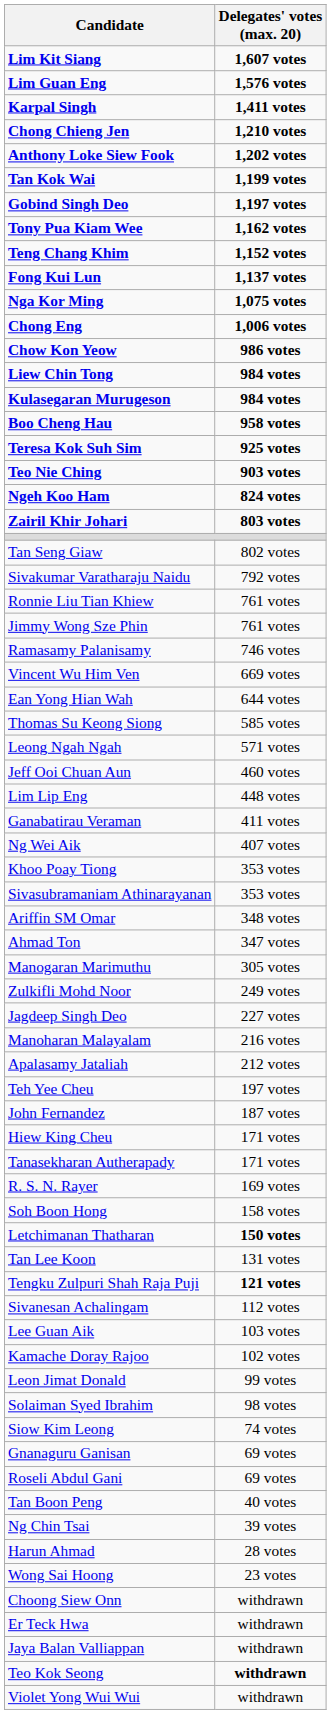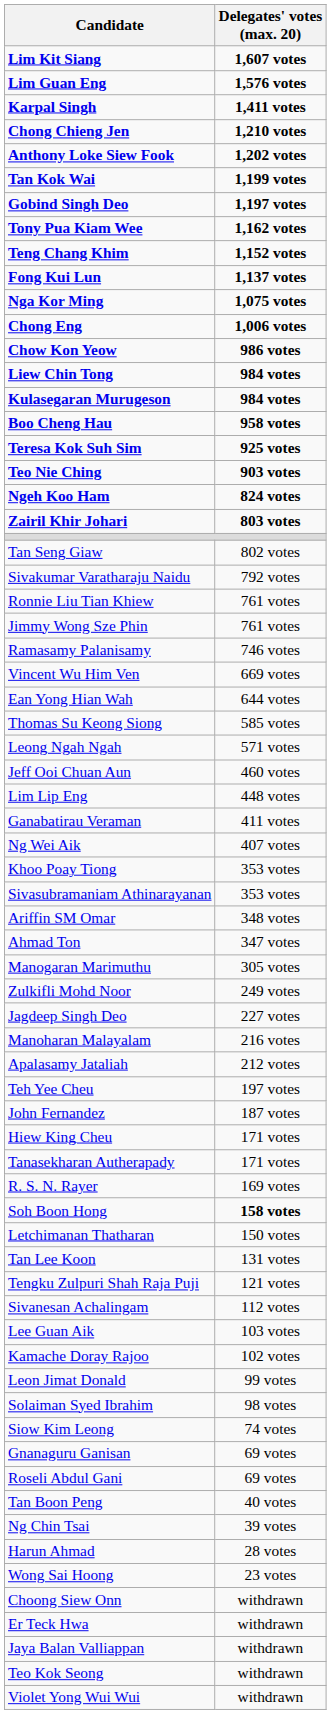 <table class=wikitable style=text-align:center>
 <tr>
 <th>Candidate</th>
 <th>Delegates' votes<br>(max. 20)</th>
 </tr>
 <tr>
 <td align=left><strong><a href='#'>Lim Kit Siang</a></strong></td>
 <td><strong>1,607 votes</strong></td>
 </tr>
 <tr>
 <td align=left><strong><a href='#'>Lim Guan Eng</a></strong></td>
 <td><strong>1,576 votes</strong></td>
 </tr>
 <tr>
 <td align=left><strong><a href='#'>Karpal Singh</a></strong></td>
 <td><strong>1,411 votes</strong></td>
 </tr>
 <tr>
 <td align=left><strong><a href='#'>Chong Chieng Jen</a></strong></td>
 <td><strong>1,210 votes</strong></td>
 </tr>
 <tr>
 <td align=left><strong><a href='#'>Anthony Loke Siew Fook</a></strong></td>
 <td><strong>1,202 votes</strong></td>
 </tr>
 <tr>
 <td align=left><strong><a href='#'>Tan Kok Wai</a></strong></td>
 <td><strong>1,199 votes</strong></td>
 </tr>
 <tr>
 <td align=left><strong><a href='#'>Gobind Singh Deo</a></strong></td>
 <td><strong>1,197 votes</strong></td>
 </tr>
 <tr>
 <td align=left><strong><a href='#'>Tony Pua Kiam Wee</a></strong></td>
 <td><strong>1,162 votes</strong></td>
 </tr>
 <tr>
 <td align=left><strong><a href='#'>Teng Chang Khim</a></strong></td>
 <td><strong>1,152 votes</strong></td>
 </tr>
 <tr>
 <td align=left><strong><a href='#'>Fong Kui Lun</a></strong></td>
 <td><strong>1,137 votes</strong></td>
 </tr>
 <tr>
 <td align=left><strong><a href='#'>Nga Kor Ming</a></strong></td>
 <td><strong>1,075 votes</strong></td>
 </tr>
 <tr>
 <td align=left><strong><a href='#'>Chong Eng</a></strong></td>
 <td><strong>1,006 votes</strong></td>
 </tr>
 <tr>
 <td align=left><strong><a href='#'>Chow Kon Yeow</a></strong></td>
 <td><strong>986 votes</strong></td>
 </tr>
 <tr>
 <td align=left><strong><a href='#'>Liew Chin Tong</a></strong></td>
 <td><strong>984 votes</strong></td>
 </tr>
 <tr>
 <td align=left><strong><a href='#'>Kulasegaran Murugeson</a></strong></td>
 <td><strong>984 votes</strong></td>
 </tr>
 <tr>
 <td align=left><strong><a href='#'>Boo Cheng Hau</a></strong></td>
 <td><strong>958 votes</strong></td>
 </tr>
 <tr>
 <td align=left><strong><a href='#'>Teresa Kok Suh Sim</a></strong></td>
 <td><strong>925 votes</strong></td>
 </tr>
 <tr>
 <td align=left><strong><a href='#'>Teo Nie Ching</a></strong></td>
 <td><strong>903 votes</strong></td>
 </tr>
 <tr>
 <td align=left><strong><a href='#'>Ngeh Koo Ham</a></strong></td>
 <td><strong>824 votes</strong></td>
 </tr>
 <tr>
 <td align=left><strong><a href='#'>Zairil Khir Johari</a></strong></td>
 <td><strong>803 votes</strong></td>
 </tr>
 <tr>
 <td colspan=3 bgcolor=dcdcdc></td>
 </tr>
 <tr>
 <td align=left><a href='#'>Tan Seng Giaw</a></td>
 <td>802 votes</td>
 </tr>
 <tr>
 <td align=left><a href='#'>Sivakumar Varatharaju Naidu</a></td>
 <td>792 votes</td>
 </tr>
 <tr>
 <td align=left><a href='#'>Ronnie Liu Tian Khiew</a></td>
 <td>761 votes</td>
 </tr>
 <tr>
 <td align=left><a href='#'>Jimmy Wong Sze Phin</a></td>
 <td>761 votes</td>
 </tr>
 <tr>
 <td align=left><a href='#'>Ramasamy Palanisamy</a></td>
 <td>746 votes</td>
 </tr>
 <tr>
 <td align=left><a href='#'>Vincent Wu Him Ven</a></td>
 <td>669 votes</td>
 </tr>
 <tr>
 <td align=left><a href='#'>Ean Yong Hian Wah</a></td>
 <td>644 votes</td>
 </tr>
 <tr>
 <td align=left><a href='#'>Thomas Su Keong Siong</a></td>
 <td>585 votes</td>
 </tr>
 <tr>
 <td align=left><a href='#'>Leong Ngah Ngah</a></td>
 <td>571 votes</td>
 </tr>
 <tr>
 <td align=left><a href='#'>Jeff Ooi Chuan Aun</a></td>
 <td>460 votes</td>
 </tr>
 <tr>
 <td align=left><a href='#'>Lim Lip Eng</a></td>
 <td>448 votes</td>
 </tr>
 <tr>
 <td align=left><a href='#'>Ganabatirau Veraman</a></td>
 <td>411 votes</td>
 </tr>
 <tr>
 <td align=left><a href='#'>Ng Wei Aik</a></td>
 <td>407 votes</td>
 </tr>
 <tr>
 <td align=left><a href='#'>Khoo Poay Tiong</a></td>
 <td>353 votes</td>
 </tr>
 <tr>
 <td align=left><a href='#'>Sivasubramaniam Athinarayanan</a></td>
 <td>353 votes</td>
 </tr>
 <tr>
 <td align=left><a href='#'>Ariffin SM Omar</a></td>
 <td>348 votes</td>
 </tr>
 <tr>
 <td align=left><a href='#'>Ahmad Ton</a></td>
 <td>347 votes</td>
 </tr>
 <tr>
 <td align=left><a href='#'>Manogaran Marimuthu</a></td>
 <td>305 votes</td>
 </tr>
 <tr>
 <td align=left><a href='#'>Zulkifli Mohd Noor</a></td>
 <td>249 votes</td>
 </tr>
 <tr>
 <td align=left><a href='#'>Jagdeep Singh Deo</a></td>
 <td>227 votes</td>
 </tr>
 <tr>
 <td align=left><a href='#'>Manoharan Malayalam</a></td>
 <td>216 votes</td>
 </tr>
 <tr>
 <td align=left><a href='#'>Apalasamy Jataliah</a></td>
 <td>212 votes</td>
 </tr>
 <tr>
 <td align=left><a href='#'>Teh Yee Cheu</a></td>
 <td>197 votes</td>
 </tr>
 <tr>
 <td align=left><a href='#'>John Fernandez</a></td>
 <td>187 votes</td>
 </tr>
 <tr>
 <td align=left><a href='#'>Hiew King Cheu</a></td>
 <td>171 votes</td>
 </tr>
 <tr>
 <td align=left><a href='#'>Tanasekharan Autherapady</a></td>
 <td>171 votes</td>
 </tr>
 <tr>
 <td align=left><a href='#'>R. S. N. Rayer</a></td>
 <td>169 votes</td>
 </tr>
 <tr>
 <td align=left><a href='#'>Soh Boon Hong</a></td>
-<td>158 votes</td>
+<td><strong>158 votes</strong></td>
 </tr>
 <tr>
 <td align=left><a href='#'>Letchimanan Thatharan</a></td>
-<td><strong>150 votes</strong></td>
+<td>150 votes</td>
 </tr>
 <tr>
 <td align=left><a href='#'>Tan Lee Koon</a></td>
 <td>131 votes</td>
 </tr>
 <tr>
 <td align=left><a href='#'>Tengku Zulpuri Shah Raja Puji</a></td>
-<td><strong>121 votes</strong></td>
+<td>121 votes</td>
 </tr>
 <tr>
 <td align=left><a href='#'>Sivanesan Achalingam</a></td>
 <td>112 votes</td>
 </tr>
 <tr>
 <td align=left><a href='#'>Lee Guan Aik</a></td>
 <td>103 votes</td>
 </tr>
 <tr>
 <td align=left><a href='#'>Kamache Doray Rajoo</a></td>
 <td>102 votes</td>
 </tr>
 <tr>
 <td align=left><a href='#'>Leon Jimat Donald</a></td>
 <td>99 votes</td>
 </tr>
 <tr>
 <td align=left><a href='#'>Solaiman Syed Ibrahim</a></td>
 <td>98 votes</td>
 </tr>
 <tr>
 <td align=left><a href='#'>Siow Kim Leong</a></td>
 <td>74 votes</td>
 </tr>
 <tr>
 <td align=left><a href='#'>Gnanaguru Ganisan</a></td>
 <td>69 votes</td>
 </tr>
 <tr>
 <td align=left><a href='#'>Roseli Abdul Gani</a></td>
 <td>69 votes</td>
 </tr>
 <tr>
 <td align=left><a href='#'>Tan Boon Peng</a></td>
 <td>40 votes</td>
 </tr>
 <tr>
 <td align=left><a href='#'>Ng Chin Tsai</a></td>
 <td>39 votes</td>
 </tr>
 <tr>
 <td align=left><a href='#'>Harun Ahmad</a></td>
 <td>28 votes</td>
 </tr>
 <tr>
 <td align=left><a href='#'>Wong Sai Hoong</a></td>
 <td>23 votes</td>
 </tr>
 <tr>
 <td align=left><a href='#'>Choong Siew Onn</a></td>
 <td>withdrawn</td>
 </tr>
 <tr>
 <td align=left><a href='#'>Er Teck Hwa</a></td>
 <td>withdrawn</td>
 </tr>
 <tr>
 <td align=left><a href='#'>Jaya Balan Valliappan</a></td>
 <td>withdrawn</td>
 </tr>
 <tr>
 <td align=left><a href='#'>Teo Kok Seong</a></td>
-<td><strong>withdrawn</strong></td>
+<td>withdrawn</td>
 </tr>
 <tr>
 <td align=left><a href='#'>Violet Yong Wui Wui</a></td>
 <td>withdrawn</td>
 </tr>
 </table>
